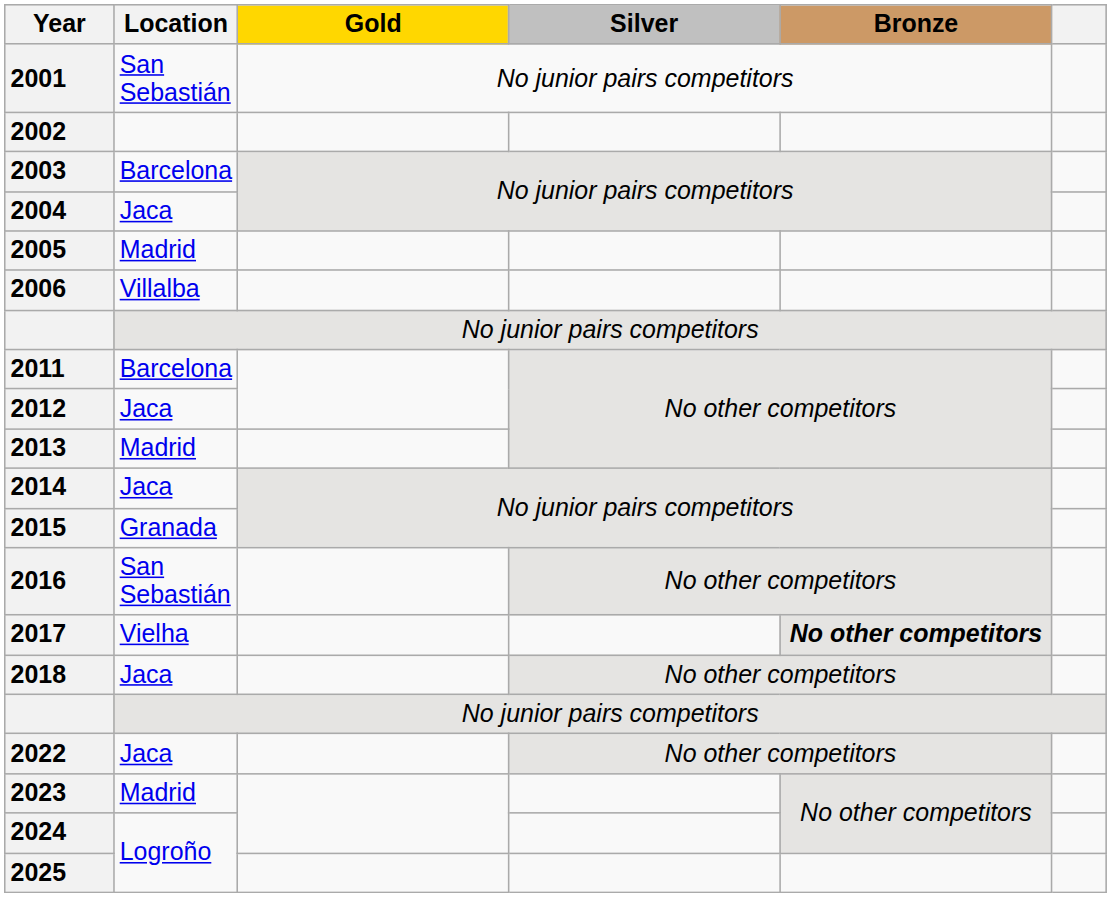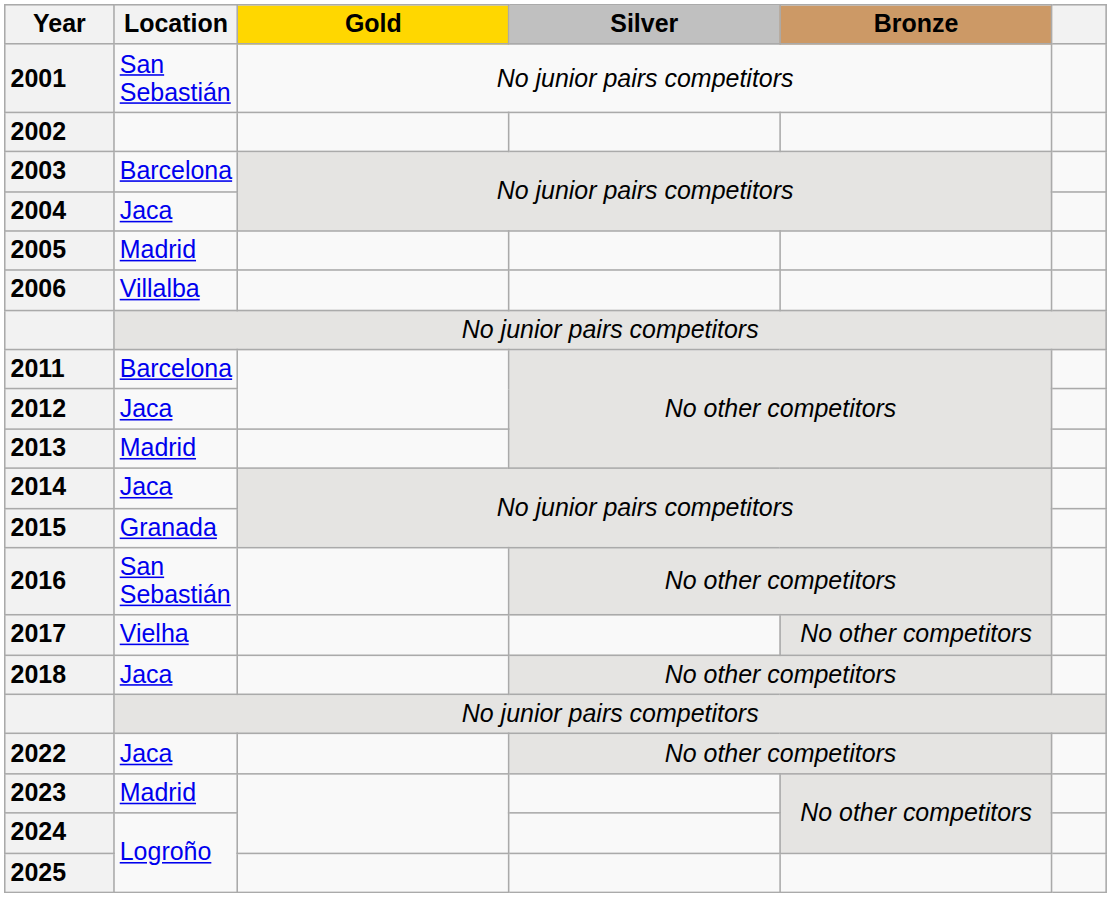 <table class="wikitable unsortable" style="text-align:left; width:80%">
 <tr>
 <th scope="col" style="text-align:center; width:10%">Year</th>
 <th scope="col" style="text-align:center; width:10%">Location</th>
 <td scope="col" style="text-align:center; width:25%; background:gold"><strong>Gold</strong></td>
 <td scope="col" style="text-align:center; width:25%; background:silver"><strong>Silver</strong></td>
 <td scope="col" style="text-align:center; width:25%; background:#c96"><strong>Bronze</strong></td>
 <th scope="col" style="text-align:center; width:5%"></th>
 </tr>
 <tr>
 <th style="text-align: left;">2001</th>
 <td><a href='#'>San Sebastián</a></td>
 <td colspan="3" align="center"><em>No junior pairs competitors</em></td>
 <td></td>
 </tr>
 <tr>
 <th style="text-align: left;">2002</th>
 <td></td>
 <td align="center"></td>
 <td align="center"></td>
 <td align="center"></td>
 <td></td>
 </tr>
 <tr>
 <th scope="row" style="text-align:left">2003</th>
 <td><a href='#'>Barcelona</a></td>
 <td colspan="3" rowspan="2" align="center" bgcolor="e5e4e2"><em>No junior pairs competitors</em></td>
 <td></td>
 </tr>
 <tr>
 <th scope="row" style="text-align:left">2004</th>
 <td><a href='#'>Jaca</a></td>
 <td></td>
 </tr>
 <tr>
 <th scope="row" style="text-align:left">2005</th>
 <td><a href='#'>Madrid</a></td>
 <td></td>
 <td></td>
 <td></td>
 <td></td>
 </tr>
 <tr>
 <th scope="row" style="text-align:left">2006</th>
 <td><a href='#'>Villalba</a></td>
 <td></td>
 <td></td>
 <td></td>
 <td></td>
 </tr>
 <tr>
 <th scope="row" style="text-align:left"></th>
 <td colspan="5" align="center" bgcolor="e5e4e2"><em>No junior pairs competitors</em></td>
 </tr>
 <tr>
 <th scope="row" style="text-align:left">2011</th>
 <td><a href='#'>Barcelona</a></td>
 <td rowspan="2"></td>
 <td colspan="2" rowspan="3" align="center" bgcolor="e5e4e2"><em>No other competitors</em></td>
 <td></td>
 </tr>
 <tr>
 <th scope="row" style="text-align:left">2012</th>
 <td><a href='#'>Jaca</a></td>
 <td></td>
 </tr>
 <tr>
 <th scope="row" style="text-align:left">2013</th>
 <td><a href='#'>Madrid</a></td>
 <td></td>
 <td></td>
 </tr>
 <tr>
 <th scope="row" style="text-align:left">2014</th>
 <td><a href='#'>Jaca</a></td>
 <td colspan="3" rowspan="2" align="center" bgcolor="e5e4e2"><em>No junior pairs competitors</em></td>
 <td></td>
 </tr>
 <tr>
 <th scope="row" style="text-align:left">2015</th>
 <td><a href='#'>Granada</a></td>
 <td></td>
 </tr>
 <tr>
 <th scope="row" style="text-align:left">2016</th>
 <td><a href='#'>San Sebastián</a></td>
 <td></td>
 <td colspan="2" align="center" bgcolor="e5e4e2"><em>No other competitors</em></td>
 <td></td>
 </tr>
 <tr>
 <th scope="row" style="text-align:left">2017</th>
 <td><a href='#'>Vielha</a></td>
 <td></td>
 <td></td>
-<td align="center" bgcolor="e5e4e2"><strong><em>No other competitors</em></strong></td>
+<td align="center" bgcolor="e5e4e2"><em>No other competitors</em></td>
 <td></td>
 </tr>
 <tr>
 <th scope="row" style="text-align:left">2018</th>
 <td><a href='#'>Jaca</a></td>
 <td></td>
 <td colspan="2" align="center" bgcolor="e5e4e2"><em>No other competitors</em></td>
 <td></td>
 </tr>
 <tr>
 <th scope="row" style="text-align:left"></th>
 <td colspan="5" align="center" bgcolor="e5e4e2"><em>No junior pairs competitors</em></td>
 </tr>
 <tr>
 <th scope="row" style="text-align:left">2022</th>
 <td><a href='#'>Jaca</a></td>
 <td></td>
 <td colspan="2" align="center" bgcolor="e5e4e2"><em>No other competitors</em></td>
 <td></td>
 </tr>
 <tr>
 <th scope="row" style="text-align:left">2023</th>
 <td><a href='#'>Madrid</a></td>
 <td rowspan="2"></td>
 <td></td>
 <td rowspan="2" align="center" bgcolor="e5e4e2"><em>No other competitors</em></td>
 <td></td>
 </tr>
 <tr>
 <th scope="row" style="text-align:left">2024</th>
 <td rowspan="2"><a href='#'>Logroño</a></td>
 <td></td>
 <td></td>
 </tr>
 <tr>
 <th scope="row" style="text-align:left">2025</th>
 <td></td>
 <td></td>
 <td></td>
 <td></td>
 </tr>
 </table>
